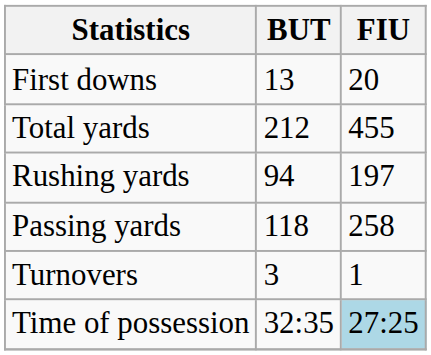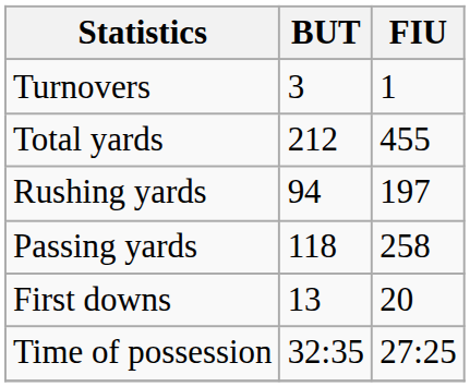 <table class="wikitable" style="float: left;">
 <tr>
 <th>Statistics</th>
 <th>BUT</th>
 <th>FIU</th>
 </tr>
 <tr>
-<td>First downs</td>
-<td>13</td>
-<td>20</td>
+<td>Turnovers</td>
+<td>3</td>
+<td>1</td>
 </tr>
 <tr>
 <td>Total yards</td>
 <td>212</td>
 <td>455</td>
 </tr>
 <tr>
 <td>Rushing yards</td>
 <td>94</td>
 <td>197</td>
 </tr>
 <tr>
 <td>Passing yards</td>
 <td>118</td>
 <td>258</td>
 </tr>
 <tr>
-<td>Turnovers</td>
-<td>3</td>
-<td>1</td>
+<td>First downs</td>
+<td>13</td>
+<td>20</td>
 </tr>
 <tr>
 <td>Time of possession</td>
 <td>32:35</td>
-<td style="background: lightblue;">27:25</td>
+<td>27:25</td>
 </tr>
 <tr>
 </tr>
 </table>
